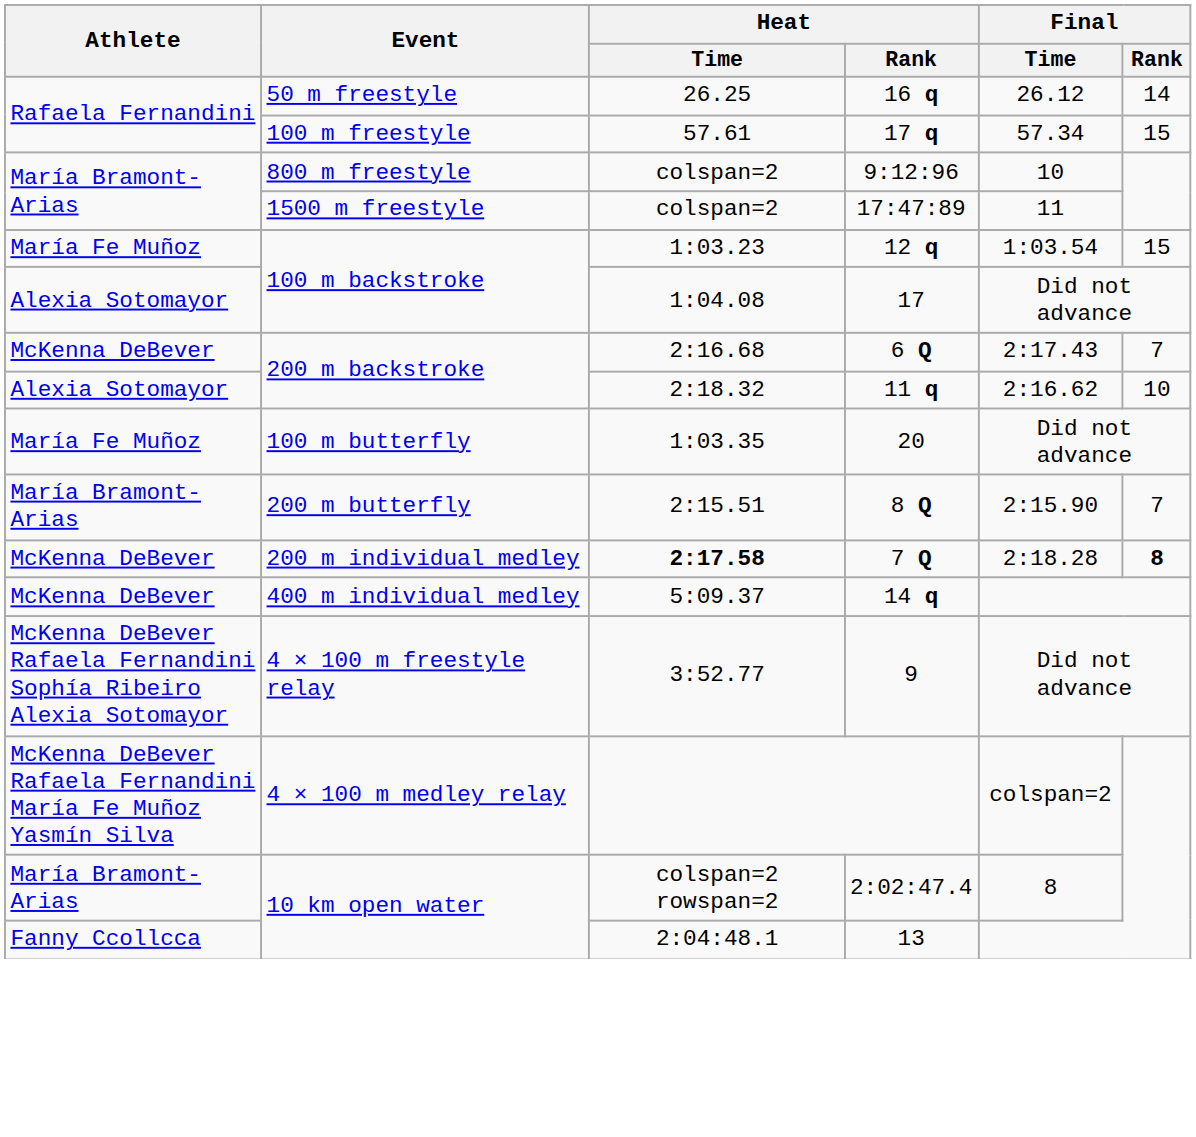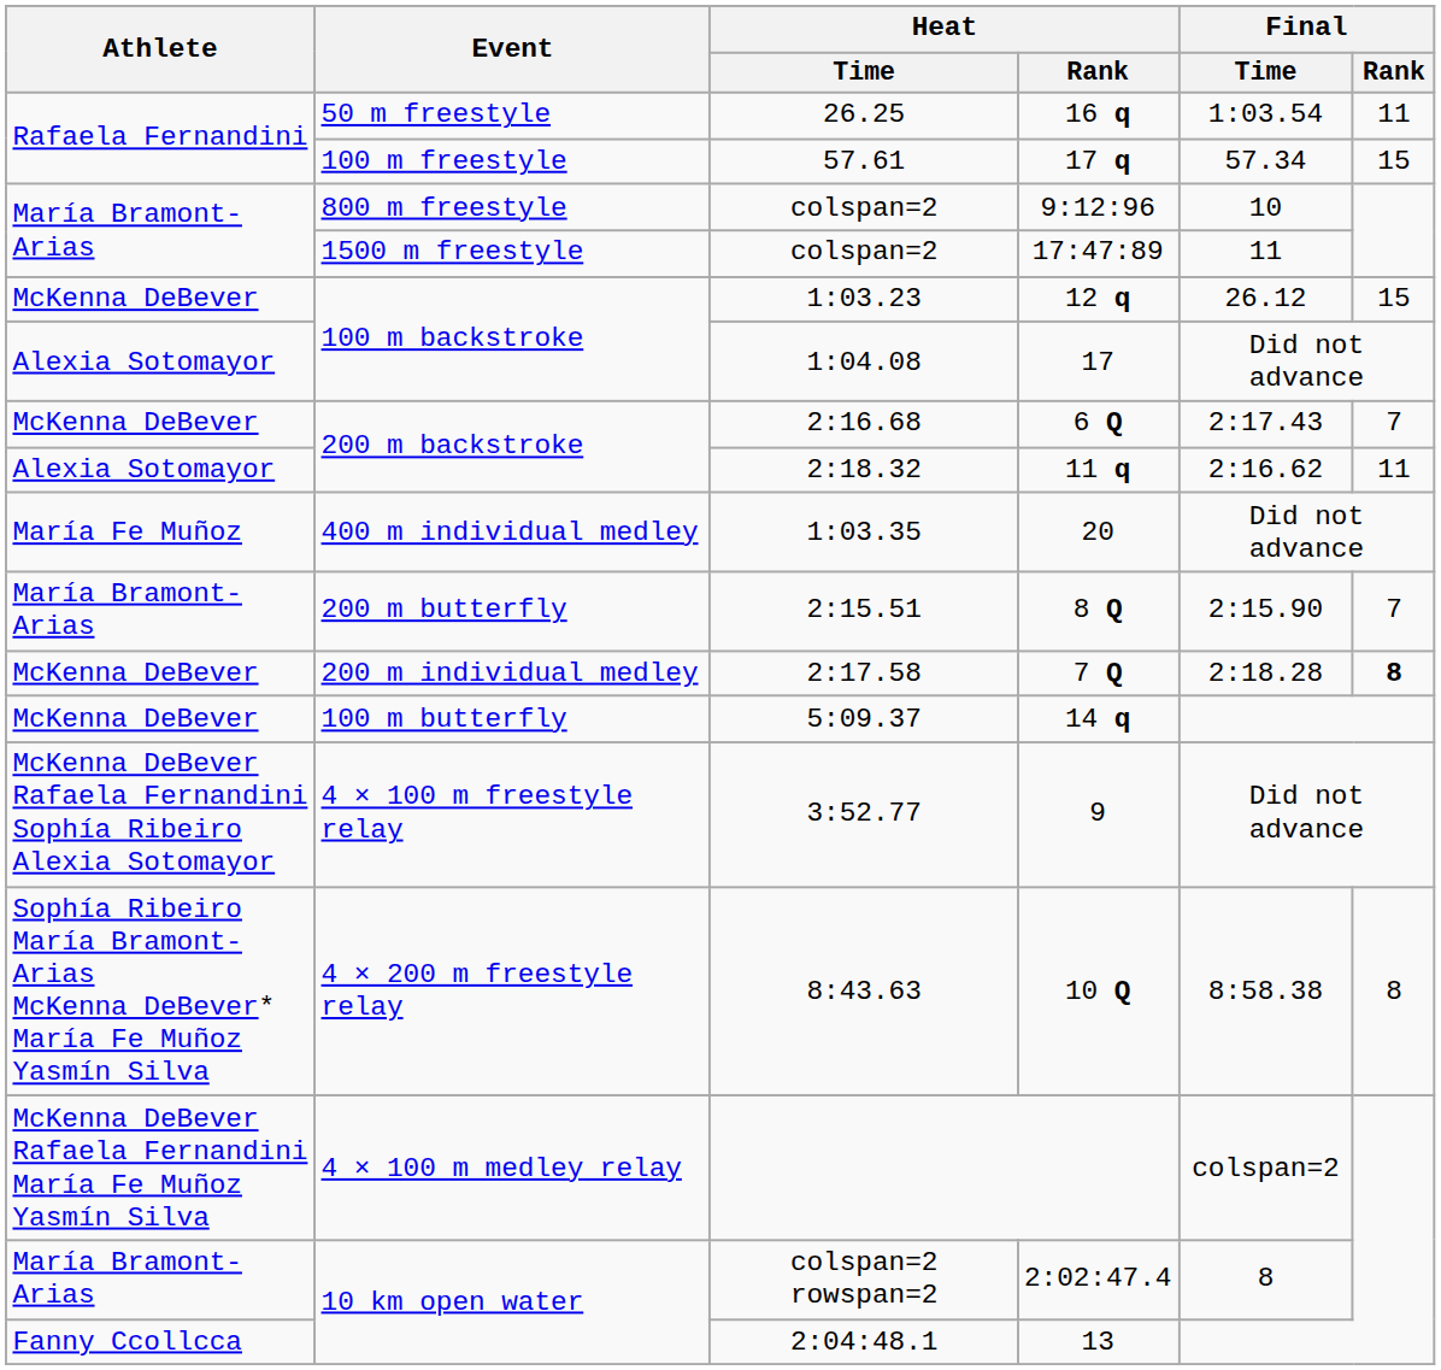 <table class=wikitable style="font-size:90%;text-align:center">
 <tr>
 <th rowspan="2">Athlete</th>
 <th rowspan="2">Event</th>
 <th colspan="2">Heat</th>
 <th colspan="2">Final</th>
 </tr>
 <tr style="font-size:95%">
 <th>Time</th>
 <th>Rank</th>
 <th>Time</th>
 <th>Rank</th>
 </tr>
 <tr>
 <td align=left rowspan=2><a href='#'>Rafaela Fernandini</a></td>
 <td align=left><a href='#'>50 m freestyle</a></td>
 <td>26.25</td>
 <td>16 <strong>q</strong></td>
-<td>26.12</td>
-<td>14</td>
+<td>1:03.54</td>
+<td>11</td>
 </tr>
 <tr>
 <td align=left><a href='#'>100 m freestyle</a></td>
 <td>57.61</td>
 <td>17 <strong>q</strong> </td>
 <td>57.34</td>
 <td>15</td>
 </tr>
 <tr>
 <td align=left rowspan=2><a href='#'>María Bramont-Arias</a></td>
 <td align=left><a href='#'>800 m freestyle</a></td>
 <td>colspan=2 </td>
 <td>9:12:96</td>
 <td>10</td>
 </tr>
 <tr>
 <td align=left><a href='#'>1500 m freestyle</a></td>
 <td>colspan=2 </td>
 <td>17:47:89</td>
 <td>11</td>
 </tr>
 <tr>
-<td align=left><a href='#'>María Fe Muñoz</a></td>
+<td align=left><a href='#'>McKenna DeBever</a></td>
 <td align=left rowspan=2><a href='#'>100 m backstroke</a></td>
 <td>1:03.23</td>
 <td>12 <strong>q</strong></td>
-<td>1:03.54</td>
+<td>26.12</td>
 <td>15</td>
 </tr>
 <tr>
 <td align=left><a href='#'>Alexia Sotomayor</a></td>
 <td>1:04.08</td>
 <td>17</td>
 <td colspan=2>Did not advance</td>
 </tr>
 <tr>
 <td align=left><a href='#'>McKenna DeBever</a></td>
 <td align=left rowspan=2><a href='#'>200 m backstroke</a></td>
 <td>2:16.68</td>
 <td>6 <strong>Q</strong></td>
 <td>2:17.43</td>
 <td>7</td>
 </tr>
 <tr>
 <td align=left><a href='#'>Alexia Sotomayor</a></td>
 <td>2:18.32</td>
 <td>11 <strong>q</strong></td>
 <td>2:16.62</td>
-<td>10</td>
+<td>11</td>
 </tr>
 <tr>
 <td align=left><a href='#'>María Fe Muñoz</a></td>
-<td align=left><a href='#'>100 m butterfly</a></td>
+<td align=left><a href='#'>400 m individual medley</a></td>
 <td>1:03.35</td>
 <td>20</td>
 <td colspan=2>Did not advance</td>
 </tr>
 <tr>
 <td align=left><a href='#'>María Bramont-Arias</a></td>
 <td align=left><a href='#'>200 m butterfly</a></td>
 <td>2:15.51</td>
 <td>8 <strong>Q</strong></td>
 <td>2:15.90</td>
 <td>7</td>
 </tr>
 <tr>
 <td align=left><a href='#'>McKenna DeBever</a></td>
 <td align=left><a href='#'>200 m individual medley</a></td>
-<td><strong>2:17.58</strong></td>
+<td>2:17.58</td>
 <td>7 <strong>Q</strong></td>
 <td>2:18.28</td>
 <td><strong>8</strong></td>
 </tr>
 <tr>
 <td align=left><a href='#'>McKenna DeBever</a></td>
-<td align=left><a href='#'>400 m individual medley</a></td>
+<td align=left><a href='#'>100 m butterfly</a></td>
 <td>5:09.37</td>
 <td>14 <strong>q</strong></td>
 <td colspan=2></td>
 </tr>
 <tr>
 <td align=left><a href='#'>McKenna DeBever</a><br><a href='#'>Rafaela Fernandini</a><br><a href='#'>Sophía Ribeiro</a><br><a href='#'>Alexia Sotomayor</a></td>
 <td align=left><a href='#'>4 × 100 m freestyle relay</a></td>
 <td>3:52.77</td>
 <td>9</td>
 <td colspan=2>Did not advance</td>
+</tr>
+<tr>
+<td align=left><a href='#'>Sophía Ribeiro</a><br><a href='#'>María Bramont-Arias</a><br><a href='#'>McKenna DeBever</a>*<br><a href='#'>María Fe Muñoz</a><br><a href='#'>Yasmín Silva</a></td>
+<td align=left><a href='#'>4 × 200 m freestyle relay</a></td>
+<td>8:43.63</td>
+<td>10 <strong>Q</strong> </td>
+<td>8:58.38</td>
+<td>8</td>
 </tr>
 <tr>
 <td align=left><a href='#'>McKenna DeBever</a><br><a href='#'>Rafaela Fernandini</a><br><a href='#'>María Fe Muñoz</a><br><a href='#'>Yasmín Silva</a></td>
 <td align=left><a href='#'>4 × 100 m medley relay</a></td>
 <td colspan=2></td>
 <td>colspan=2 </td>
 </tr>
 <tr>
 <td align=left><a href='#'>María Bramont-Arias</a></td>
 <td align=left rowspan=2><a href='#'>10 km open water</a></td>
 <td>colspan=2 rowspan=2 </td>
 <td>2:02:47.4</td>
 <td>8</td>
 </tr>
 <tr>
 <td align=left><a href='#'>Fanny Ccollcca</a></td>
 <td>2:04:48.1</td>
 <td>13</td>
 </tr>
 </table>
